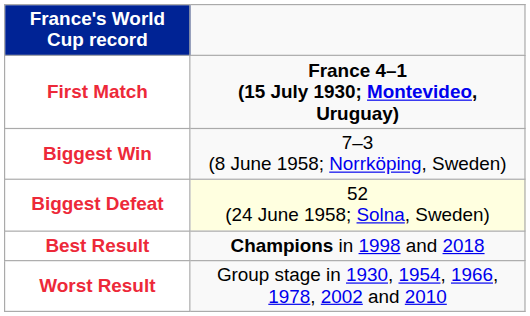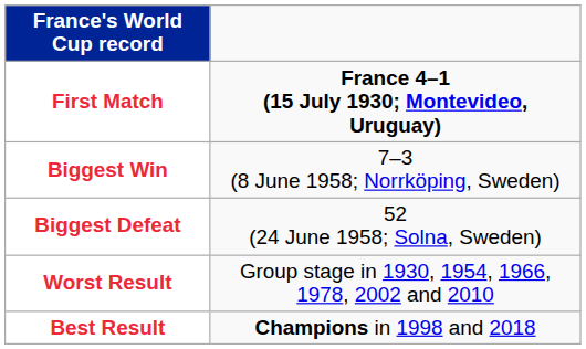 <table class="wikitable collapsible collapsed" style="width:50%;text-align:center">
 <tr>
 <th style="background:#002395; color:white; "><strong>France's World Cup record</strong></th>
 </tr>
 <tr>
 <th style="background:white; color:#ED2939; ">First Match</th>
 <td><strong> France 4–1 <br> (15 July 1930; <a href='#'>Montevideo</a>, Uruguay)</strong></td>
 </tr>
 <tr>
 <th style="background:white; color:#ED2939; ">Biggest Win</th>
 <td> 7–3 <br> (8 June 1958; <a href='#'>Norrköping</a>, Sweden)</td>
 </tr>
 <tr>
 <th style="background:white; color:#ED2939; ">Biggest Defeat</th>
-<td style="background: lightyellow;"> 52 <br> (24 June 1958; <a href='#'>Solna</a>, Sweden)</td>
+<td> 52 <br> (24 June 1958; <a href='#'>Solna</a>, Sweden)</td>
+</tr>
+<tr>
+<th style="background:white; color:#ED2939; ">Worst Result</th>
+<td>Group stage in <a href='#'>1930</a>, <a href='#'>1954</a>, <a href='#'>1966</a>, <a href='#'>1978</a>, <a href='#'>2002</a> and <a href='#'>2010</a></td>
 </tr>
 <tr>
 <th style="background:white; color:#ED2939; ">Best Result</th>
 <td><strong>Champions</strong> in <a href='#'>1998</a> and <a href='#'>2018</a></td>
 </tr>
-<tr>
-<th style="background:white; color:#ED2939; ">Worst Result</th>
-<td>Group stage in <a href='#'>1930</a>, <a href='#'>1954</a>, <a href='#'>1966</a>, <a href='#'>1978</a>, <a href='#'>2002</a> and <a href='#'>2010</a></td>
-</tr>
 </table>
